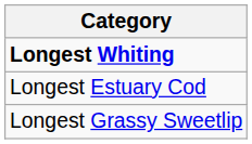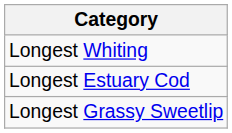 <table class="wikitable" align="center">
 <tr>
 <th>Category</th>
 </tr>
 <tr>
-<td><strong>Longest <a href='#'>Whiting</a></strong></td>
+<td>Longest <a href='#'>Whiting</a></td>
 </tr>
 <tr>
 <td>Longest <a href='#'>Estuary Cod</a></td>
 </tr>
 <tr>
 <td>Longest <a href='#'>Grassy Sweetlip</a></td>
 </tr>
 </table>
